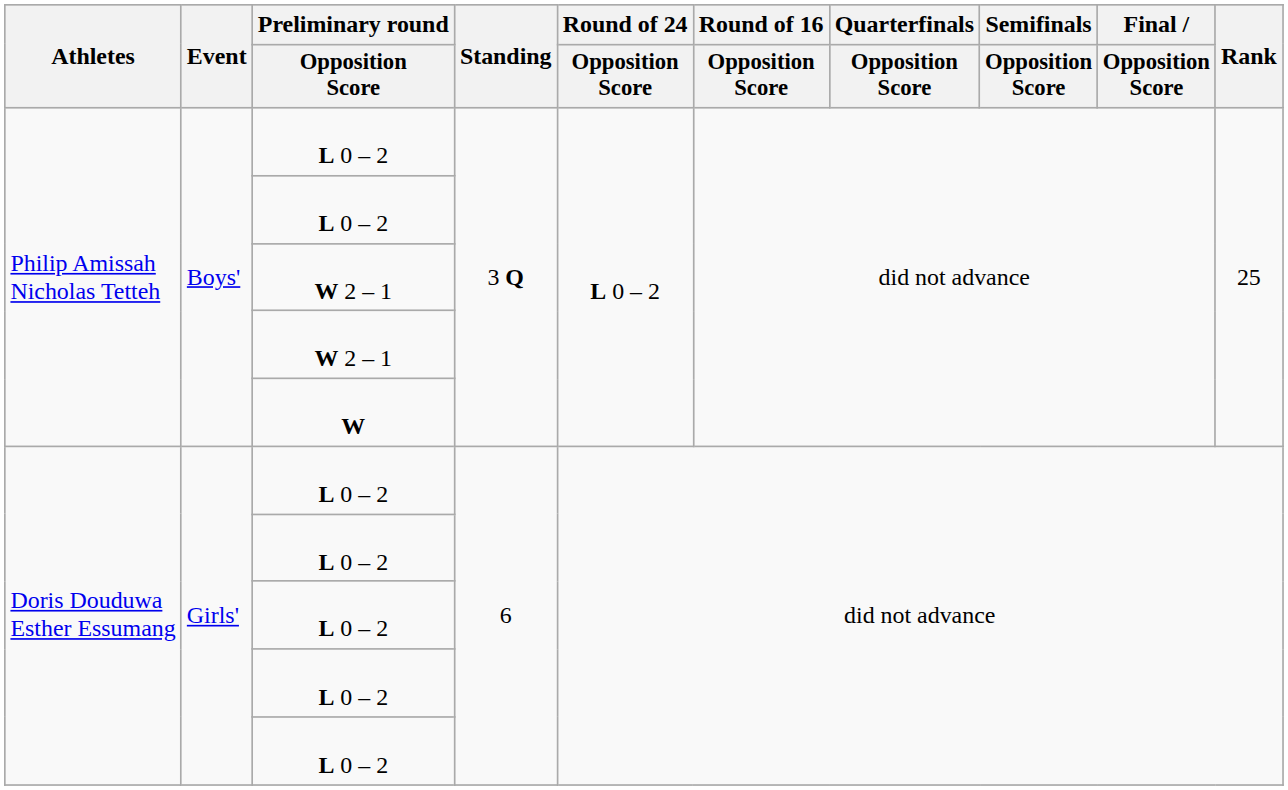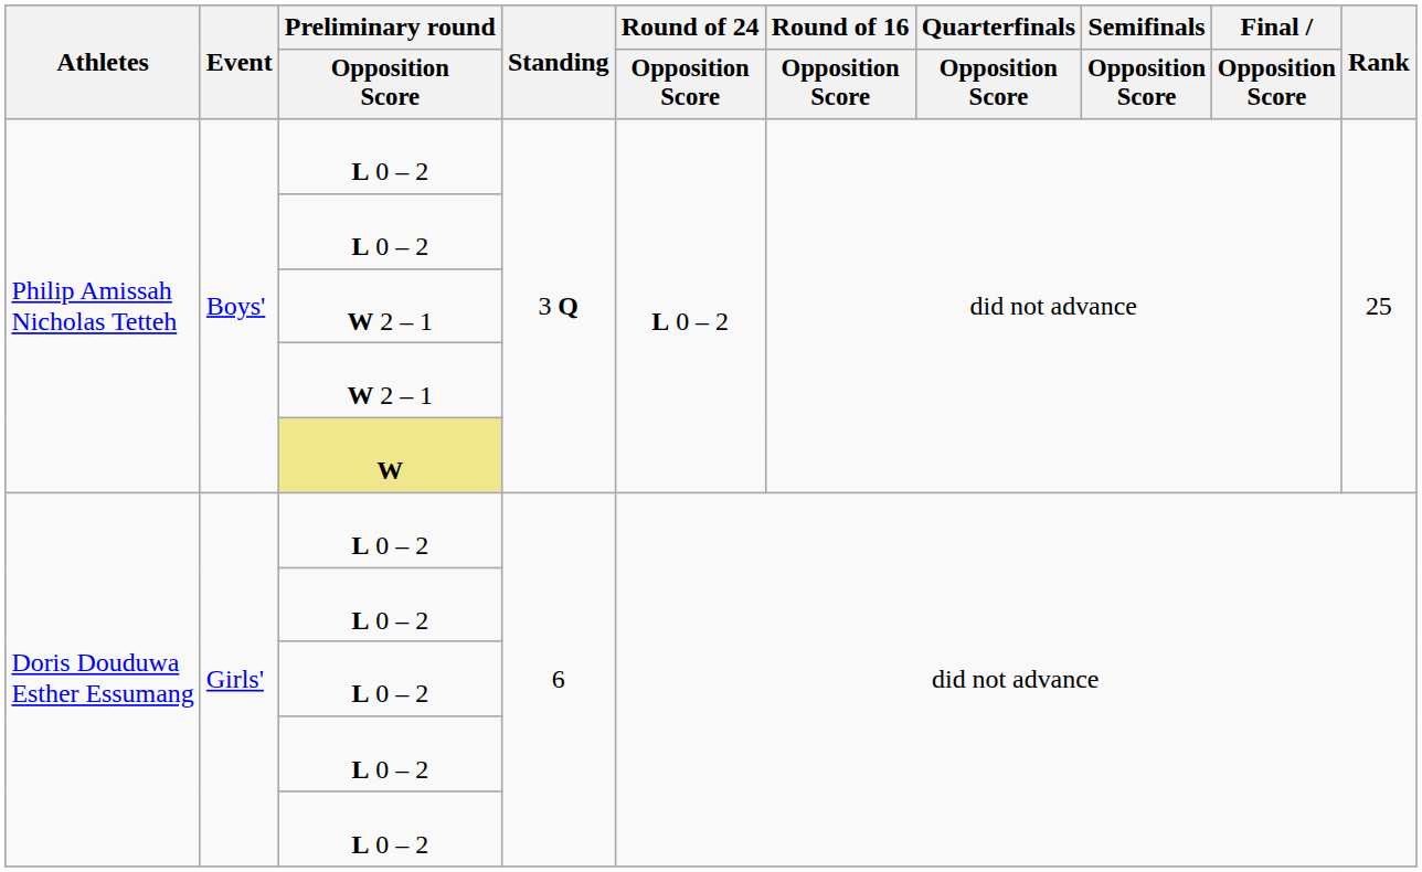 <table class=wikitable style="font-size:90%">
 <tr>
 <th rowspan="2">Athletes</th>
 <th rowspan="2">Event</th>
 <th>Preliminary round</th>
 <th rowspan="2">Standing</th>
 <th>Round of 24</th>
 <th>Round of 16</th>
 <th>Quarterfinals</th>
 <th>Semifinals</th>
 <th>Final / </th>
 <th rowspan=2>Rank</th>
 </tr>
 <tr style="font-size:95%">
 <th>Opposition<br>Score</th>
 <th>Opposition<br>Score</th>
 <th>Opposition<br>Score</th>
 <th>Opposition<br>Score</th>
 <th>Opposition<br>Score</th>
 <th>Opposition<br>Score</th>
 </tr>
 <tr align=center>
 <td align=left rowspan=5><a href='#'>Philip Amissah</a><br><a href='#'>Nicholas Tetteh</a></td>
 <td align=left rowspan=5><a href='#'>Boys'</a></td>
 <td><br><strong>L</strong> 0 – 2</td>
 <td rowspan=5>3 <strong>Q</strong></td>
 <td rowspan=5><br><strong>L</strong> 0 – 2</td>
 <td rowspan=5 colspan=4>did not advance</td>
 <td rowspan=5>25</td>
 </tr>
 <tr align=center>
 <td><br><strong>L</strong> 0 – 2</td>
 </tr>
 <tr align=center>
 <td><br><strong>W</strong> 2 – 1</td>
 </tr>
 <tr align=center>
 <td><br><strong>W</strong> 2 – 1</td>
 </tr>
 <tr align=center>
-<td><br><strong>W</strong> </td>
+<td style="background: khaki;"><br><strong>W</strong> </td>
 </tr>
 <tr align=center>
 <td align=left rowspan=5><a href='#'>Doris Douduwa</a><br><a href='#'>Esther Essumang</a></td>
 <td align=left rowspan=5><a href='#'>Girls'</a></td>
 <td><br><strong>L</strong> 0 – 2</td>
 <td rowspan=5>6</td>
 <td rowspan=5 colspan=6>did not advance</td>
 </tr>
 <tr align=center>
 <td><br><strong>L</strong> 0 – 2</td>
 </tr>
 <tr align=center>
 <td><br><strong>L</strong> 0 – 2</td>
 </tr>
 <tr align=center>
 <td><br><strong>L</strong> 0 – 2</td>
 </tr>
 <tr align=center>
 <td><br><strong>L</strong> 0 – 2</td>
 </tr>
 </table>
